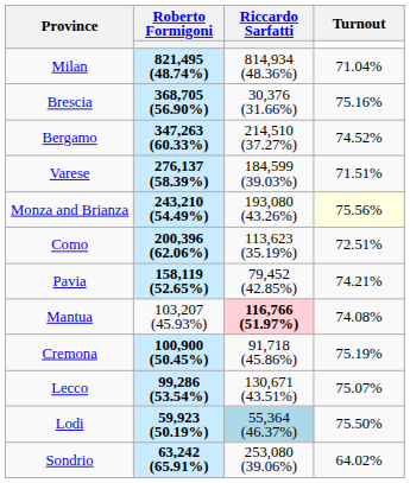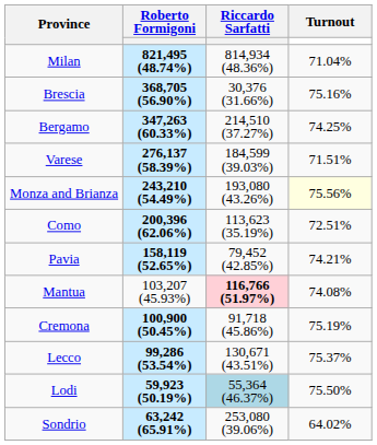 <table class="wikitable" style="text-align:center;font-size:85%;line-height:13px">
 <tr style="height:30px; background-color:#E9E9E9">
 <th style="width:110px;" rowspan="2">Province</th>
 <th style="width:75px;"><a href='#'>Roberto Formigoni</a></th>
 <th style="width:75px;"><a href='#'>Riccardo Sarfatti</a></th>
 <th style="width:75px;">Turnout</th>
 </tr>
 <tr>
 <th style="background:"></th>
 <th style="background:"></th>
 <th style="background:white;"></th>
 </tr>
 <tr>
 <td><a href='#'>Milan</a></td>
 <td style="background:#C8EBFF"><strong>821,495 (48.74%)</strong></td>
 <td>814,934 (48.36%)</td>
 <td>71.04%</td>
 </tr>
 <tr>
 <td><a href='#'>Brescia</a></td>
 <td style="background:#C8EBFF"><strong>368,705 (56.90%)</strong></td>
 <td>30,376 <br>(31.66%)</td>
 <td>75.16%</td>
 </tr>
 <tr>
 <td><a href='#'>Bergamo</a></td>
 <td style="background:#C8EBFF"><strong>347,263 (60.33%)</strong></td>
 <td>214,510 (37.27%)</td>
-<td>74.52%</td>
+<td>74.25%</td>
 </tr>
 <tr>
 <td><a href='#'>Varese</a></td>
 <td style="background:#C8EBFF"><strong>276,137 (58.39%)</strong></td>
 <td>184,599 (39.03%)</td>
 <td>71.51%</td>
 </tr>
 <tr>
 <td><a href='#'>Monza and Brianza</a></td>
 <td style="background:#C8EBFF"><strong>243,210 (54.49%)</strong></td>
 <td>193,080 (43.26%)</td>
 <td style="background: lightyellow;">75.56%</td>
 </tr>
 <tr>
 <td><a href='#'>Como</a></td>
 <td style="background:#C8EBFF"><strong>200,396 (62.06%)</strong></td>
 <td>113,623 <br>(35.19%)</td>
 <td>72.51%</td>
 </tr>
 <tr>
 <td><a href='#'>Pavia</a></td>
 <td style="background:#C8EBFF"><strong>158,119 (52.65%)</strong></td>
 <td>79,452 <br>(42.85%)</td>
 <td>74.21%</td>
 </tr>
 <tr>
 <td><a href='#'>Mantua</a></td>
 <td>103,207 (45.93%)</td>
 <td style="background:#FFD0D7"><strong> 116,766<br>(51.97%)</strong></td>
 <td>74.08%</td>
 </tr>
 <tr>
 <td><a href='#'>Cremona</a></td>
 <td style="background:#C8EBFF"><strong>100,900 <br>(50.45%)</strong></td>
 <td>91,718 <br>(45.86%)</td>
 <td>75.19%</td>
 </tr>
 <tr>
 <td><a href='#'>Lecco</a></td>
 <td style="background:#C8EBFF"><strong>99,286 <br>(53.54%)</strong></td>
 <td>130,671 <br>(43.51%)</td>
-<td>75.07%</td>
+<td>75.37%</td>
 </tr>
 <tr>
 <td><a href='#'>Lodi</a></td>
 <td style="background:#C8EBFF"><strong>59,923 <br>(50.19%)</strong></td>
 <td style="background: lightblue;">55,364 <br>(46.37%)</td>
 <td>75.50%</td>
 </tr>
 <tr>
 <td><a href='#'>Sondrio</a></td>
 <td style="background:#C8EBFF"><strong>63,242 <br>(65.91%)</strong></td>
 <td>253,080 (39.06%)</td>
 <td>64.02%</td>
 </tr>
 </table>
